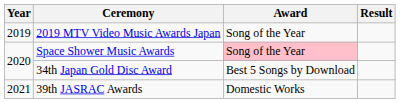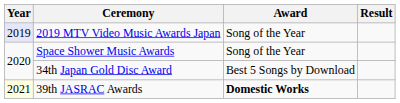 <table class="wikitable">
 <tr>
 <th>Year</th>
 <th>Ceremony</th>
 <th>Award</th>
 <th>Result</th>
 </tr>
 <tr>
-<td>2019</td>
+<td style="background: lavender;">2019</td>
 <td><a href='#'>2019 MTV Video Music Awards Japan</a></td>
 <td>Song of the Year</td>
 <td></td>
 </tr>
 <tr>
 <td rowspan="2">2020</td>
 <td><a href='#'>Space Shower Music Awards</a></td>
-<td style="background: pink;">Song of the Year</td>
+<td>Song of the Year</td>
 <td></td>
 </tr>
 <tr>
 <td>34th <a href='#'>Japan Gold Disc Award</a></td>
 <td>Best 5 Songs by Download</td>
 <td></td>
 </tr>
 <tr>
-<td>2021</td>
+<td style="background: lightyellow;">2021</td>
 <td>39th <a href='#'>JASRAC</a> Awards</td>
-<td>Domestic Works</td>
+<td><strong>Domestic Works</strong></td>
 <td></td>
 </tr>
 </table>
